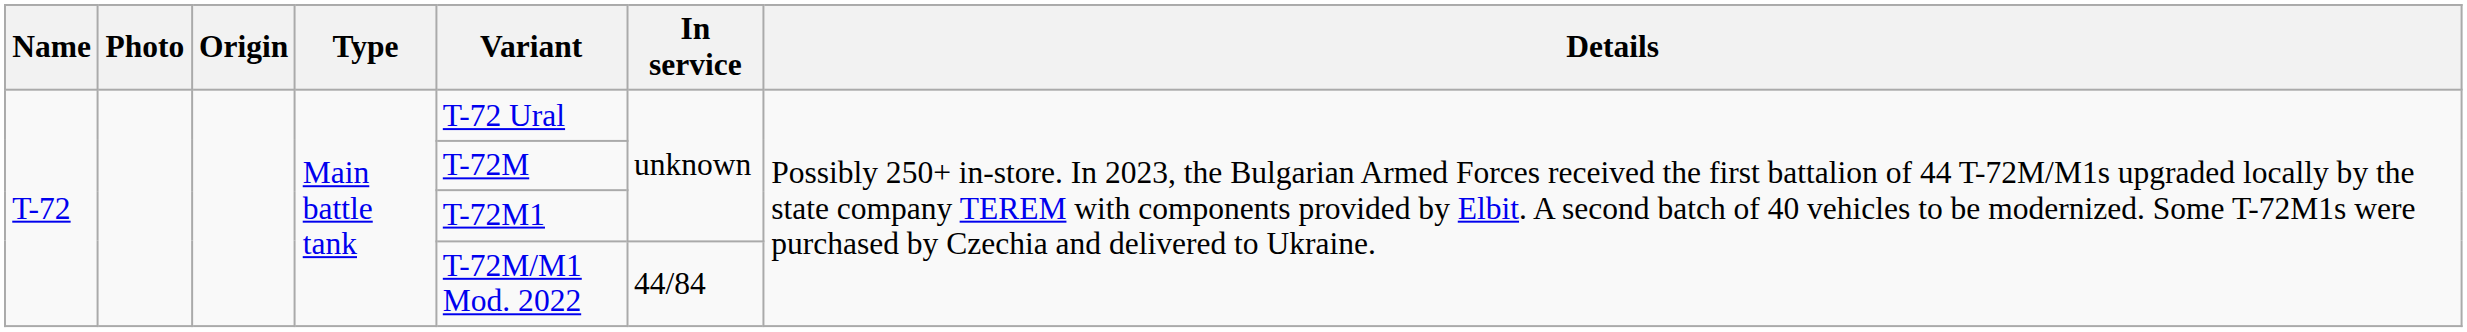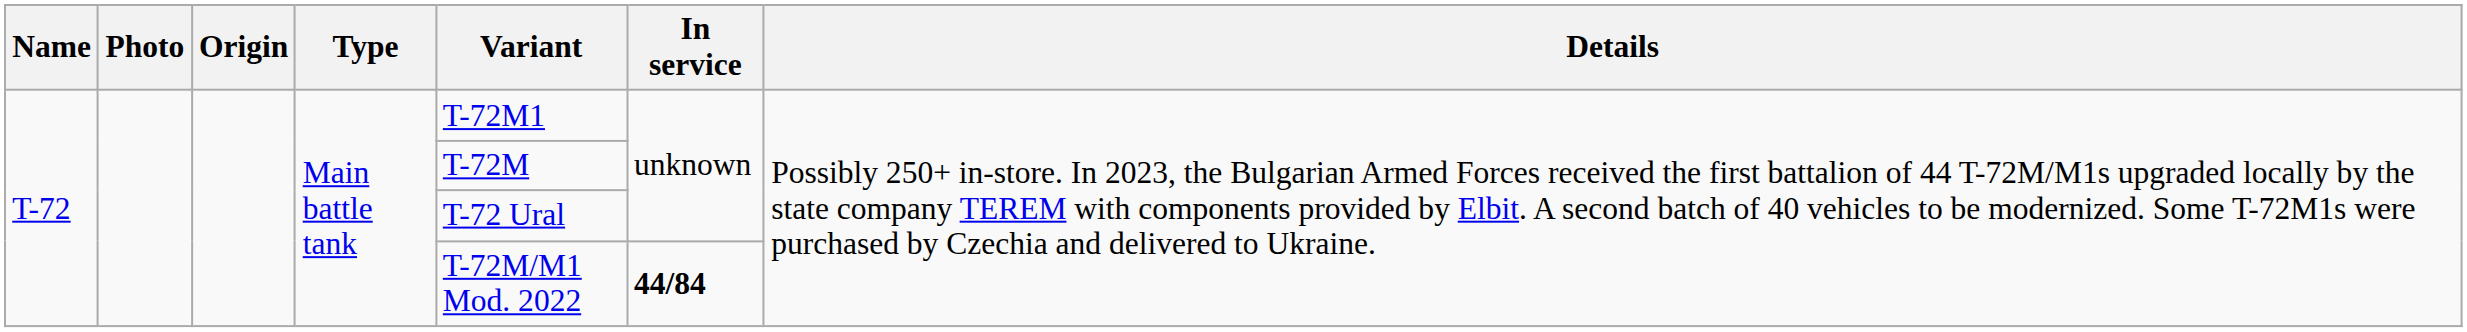 <table class="wikitable">
 <tr>
 <th>Name</th>
 <th>Photo</th>
 <th>Origin</th>
 <th>Type</th>
 <th>Variant</th>
 <th>In service</th>
 <th>Details</th>
 </tr>
 <tr>
 <td rowspan="4"><a href='#'>T-72</a></td>
 <td rowspan="4"></td>
 <td rowspan="4"></td>
 <td rowspan="4"><a href='#'>Main battle tank</a></td>
-<td><a href='#'>T-72 Ural</a></td>
+<td><a href='#'>T-72M1</a></td>
 <td rowspan="3">unknown</td>
 <td rowspan="4">Possibly 250+ in-store. In 2023, the Bulgarian Armed Forces received the first battalion of 44 T-72M/M1s upgraded locally by the state company <a href='#'>TEREM</a> with components provided by <a href='#'>Elbit</a>. A second batch of 40 vehicles to be modernized. Some T-72M1s were purchased by Czechia and delivered to Ukraine.</td>
 </tr>
 <tr>
 <td><a href='#'>T-72M</a></td>
 </tr>
 <tr>
-<td><a href='#'>T-72M1</a></td>
+<td><a href='#'>T-72 Ural</a></td>
 </tr>
 <tr>
 <td><a href='#'>T-72M/М1 Mod. 2022</a></td>
-<td>44/84</td>
+<td><strong>44/84</strong></td>
 </tr>
 </table>
